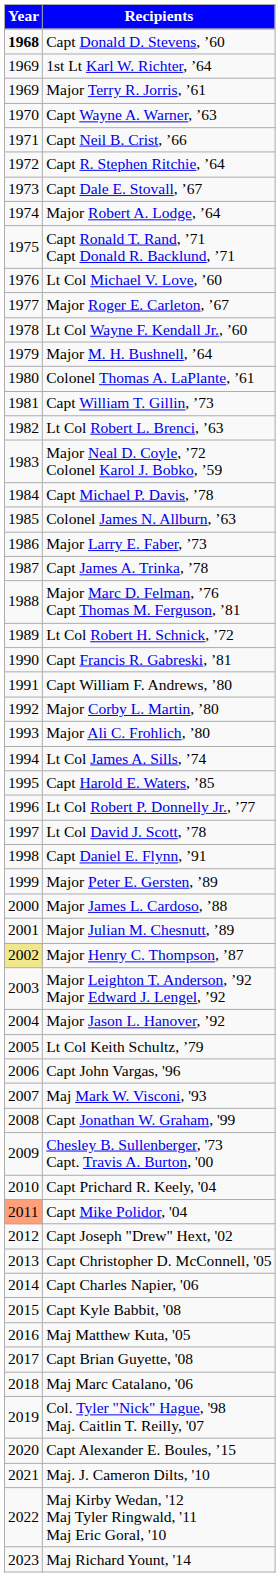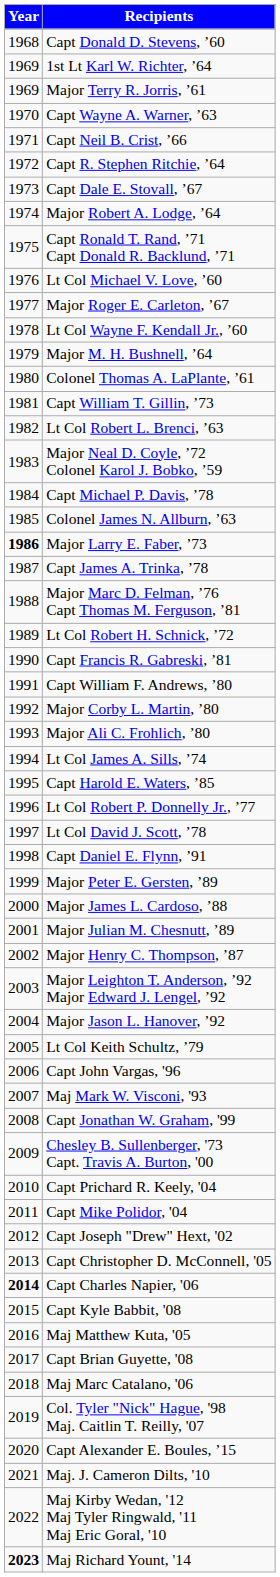 <table class="wikitable" border="1">
 <tr>
 <th style="background:blue; color:white">Year</th>
 <th style="background:blue; color:white">Recipients</th>
 </tr>
 <tr>
-<td><strong>1968</strong></td>
+<td>1968</td>
 <td>Capt <a href='#'>Donald D. Stevens</a>, ’60</td>
 </tr>
 <tr>
 <td>1969</td>
 <td>1st Lt <a href='#'>Karl W. Richter</a>, ’64</td>
 </tr>
 <tr>
 <td>1969</td>
 <td>Major <a href='#'>Terry R. Jorris</a>, ’61</td>
 </tr>
 <tr>
 <td>1970</td>
 <td>Capt <a href='#'>Wayne A. Warner</a>, ’63</td>
 </tr>
 <tr>
 <td>1971</td>
 <td>Capt <a href='#'>Neil B. Crist</a>, ’66</td>
 </tr>
 <tr>
 <td>1972</td>
 <td>Capt <a href='#'>R. Stephen Ritchie</a>, ’64</td>
 </tr>
 <tr>
 <td>1973</td>
 <td>Capt <a href='#'>Dale E. Stovall</a>, ’67</td>
 </tr>
 <tr>
 <td>1974</td>
 <td>Major <a href='#'>Robert A. Lodge</a>, ’64</td>
 </tr>
 <tr>
 <td>1975</td>
 <td>Capt <a href='#'>Ronald T. Rand</a>, ’71<br>Capt <a href='#'>Donald R. Backlund</a>, ’71</td>
 </tr>
 <tr>
 <td>1976</td>
 <td>Lt Col <a href='#'>Michael V. Love</a>, ’60</td>
 </tr>
 <tr>
 <td>1977</td>
 <td>Major <a href='#'>Roger E. Carleton</a>, ’67</td>
 </tr>
 <tr>
 <td>1978</td>
 <td>Lt Col <a href='#'>Wayne F. Kendall Jr.</a>, ’60</td>
 </tr>
 <tr>
 <td>1979</td>
 <td>Major <a href='#'>M. H. Bushnell</a>, ’64</td>
 </tr>
 <tr>
 <td>1980</td>
 <td>Colonel <a href='#'>Thomas A. LaPlante</a>, ’61</td>
 </tr>
 <tr>
 <td>1981</td>
 <td>Capt <a href='#'>William T. Gillin</a>, ’73</td>
 </tr>
 <tr>
 <td>1982</td>
 <td>Lt Col <a href='#'>Robert L. Brenci</a>, ’63</td>
 </tr>
 <tr>
 <td>1983</td>
 <td>Major <a href='#'>Neal D. Coyle</a>, ’72<br>Colonel <a href='#'>Karol J. Bobko</a>, ’59</td>
 </tr>
 <tr>
 <td>1984</td>
 <td>Capt <a href='#'>Michael P. Davis</a>, ’78</td>
 </tr>
 <tr>
 <td>1985</td>
 <td>Colonel <a href='#'>James N. Allburn</a>, ’63</td>
 </tr>
 <tr>
-<td>1986</td>
+<td><strong>1986</strong></td>
 <td>Major <a href='#'>Larry E. Faber</a>, ’73</td>
 </tr>
 <tr>
 <td>1987</td>
 <td>Capt <a href='#'>James A. Trinka</a>, ’78</td>
 </tr>
 <tr>
 <td>1988</td>
 <td>Major <a href='#'>Marc D. Felman</a>, ’76<br>Capt <a href='#'>Thomas M. Ferguson</a>, ’81</td>
 </tr>
 <tr>
 <td>1989</td>
 <td>Lt Col <a href='#'>Robert H. Schnick</a>, ’72</td>
 </tr>
 <tr>
 <td>1990</td>
 <td>Capt <a href='#'>Francis R. Gabreski</a>, ’81</td>
 </tr>
 <tr>
 <td>1991</td>
 <td>Capt William F. Andrews, ’80</td>
 </tr>
 <tr>
 <td>1992</td>
 <td>Major <a href='#'>Corby L. Martin</a>, ’80</td>
 </tr>
 <tr>
 <td>1993</td>
 <td>Major <a href='#'>Ali C. Frohlich</a>, ’80</td>
 </tr>
 <tr>
 <td>1994</td>
 <td>Lt Col <a href='#'>James A. Sills</a>, ’74</td>
 </tr>
 <tr>
 <td>1995</td>
 <td>Capt <a href='#'>Harold E. Waters</a>, ’85</td>
 </tr>
 <tr>
 <td>1996</td>
 <td>Lt Col <a href='#'>Robert P. Donnelly Jr.</a>, ’77</td>
 </tr>
 <tr>
 <td>1997</td>
 <td>Lt Col <a href='#'>David J. Scott</a>, ’78</td>
 </tr>
 <tr>
 <td>1998</td>
 <td>Capt <a href='#'>Daniel E. Flynn</a>, ’91</td>
 </tr>
 <tr>
 <td>1999</td>
 <td>Major <a href='#'>Peter E. Gersten</a>, ’89</td>
 </tr>
 <tr>
 <td>2000</td>
 <td>Major <a href='#'>James L. Cardoso</a>, ’88</td>
 </tr>
 <tr>
 <td>2001</td>
 <td>Major <a href='#'>Julian M. Chesnutt</a>, ’89</td>
 </tr>
 <tr>
-<td style="background: khaki;">2002</td>
+<td>2002</td>
 <td>Major <a href='#'>Henry C. Thompson</a>, ’87</td>
 </tr>
 <tr>
 <td>2003</td>
 <td>Major <a href='#'>Leighton T. Anderson</a>, ’92<br>Major <a href='#'>Edward J. Lengel</a>, ’92</td>
 </tr>
 <tr>
 <td>2004</td>
 <td>Major <a href='#'>Jason L. Hanover</a>, ’92</td>
 </tr>
 <tr>
 <td>2005</td>
 <td>Lt Col Keith Schultz, ’79</td>
 </tr>
 <tr>
 <td>2006</td>
 <td>Capt John Vargas, '96</td>
 </tr>
 <tr>
 <td>2007</td>
 <td>Maj <a href='#'>Mark W. Visconi</a>, '93</td>
 </tr>
 <tr>
 <td>2008</td>
 <td>Capt <a href='#'>Jonathan W. Graham</a>, '99</td>
 </tr>
 <tr>
 <td>2009</td>
 <td><a href='#'>Chesley B. Sullenberger</a>, '73<br>Capt. <a href='#'>Travis A. Burton</a>, '00</td>
 </tr>
 <tr>
 <td>2010</td>
 <td>Capt Prichard R. Keely, '04</td>
 </tr>
 <tr>
-<td style="background: lightsalmon;">2011</td>
+<td>2011</td>
 <td>Capt <a href='#'>Mike Polidor</a>, '04</td>
 </tr>
 <tr>
 <td>2012</td>
 <td>Capt Joseph "Drew" Hext, '02</td>
 </tr>
 <tr>
 <td>2013</td>
 <td>Capt Christopher D. McConnell, '05</td>
 </tr>
 <tr>
-<td>2014</td>
+<td><strong>2014</strong></td>
 <td>Capt Charles Napier, '06</td>
 </tr>
 <tr>
 <td>2015</td>
 <td>Capt Kyle Babbit, '08</td>
 </tr>
 <tr>
 <td>2016</td>
 <td>Maj Matthew Kuta, '05</td>
 </tr>
 <tr>
 <td>2017</td>
 <td>Capt Brian Guyette, '08</td>
 </tr>
 <tr>
 <td>2018</td>
 <td>Maj Marc Catalano, '06</td>
 </tr>
 <tr>
 <td>2019</td>
 <td>Col. <a href='#'>Tyler "Nick" Hague</a>, '98<br>Maj. Caitlin T. Reilly, '07</td>
 </tr>
 <tr>
 <td>2020</td>
 <td>Capt Alexander E. Boules, ’15</td>
 </tr>
 <tr>
 <td>2021</td>
 <td>Maj. J. Cameron Dilts, '10</td>
 </tr>
 <tr>
 <td>2022</td>
 <td>Maj Kirby Wedan, '12<br>Maj Tyler Ringwald, '11<br>Maj Eric Goral, '10</td>
 </tr>
 <tr>
-<td>2023</td>
+<td><strong>2023</strong></td>
 <td>Maj Richard Yount, '14</td>
 </tr>
 </table>
